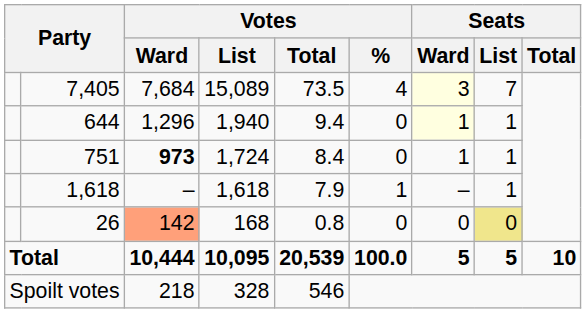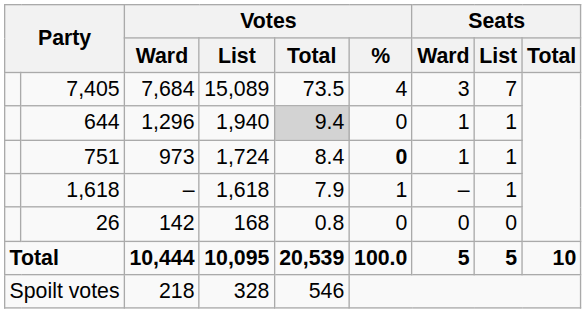 <table class=wikitable style="text-align:right">
 <tr>
 <th rowspan="2" colspan="2">Party</th>
 <th colspan="4" align="center">Votes</th>
 <th colspan="3" align="center">Seats</th>
 </tr>
 <tr>
 <th>Ward</th>
 <th>List</th>
 <th>Total</th>
 <th>%</th>
 <th>Ward</th>
 <th>List</th>
 <th>Total</th>
 </tr>
 <tr>
 <td></td>
 <td>7,405</td>
 <td>7,684</td>
 <td>15,089</td>
 <td>73.5</td>
 <td>4</td>
-<td style="background: lightyellow;">3</td>
+<td>3</td>
 <td>7</td>
 </tr>
 <tr>
 <td></td>
 <td>644</td>
 <td>1,296</td>
 <td>1,940</td>
-<td>9.4</td>
+<td style="background: lightgrey;">9.4</td>
 <td>0</td>
-<td style="background: lightyellow;">1</td>
+<td>1</td>
 <td>1</td>
 </tr>
 <tr>
 <td></td>
 <td>751</td>
-<td><strong>973</strong></td>
+<td>973</td>
 <td>1,724</td>
 <td>8.4</td>
-<td>0</td>
+<td><strong>0</strong></td>
 <td>1</td>
 <td>1</td>
 </tr>
 <tr>
 <td></td>
 <td>1,618</td>
 <td>–</td>
 <td>1,618</td>
 <td>7.9</td>
 <td>1</td>
 <td>–</td>
 <td>1</td>
 </tr>
 <tr>
 <td></td>
 <td>26</td>
-<td style="background: lightsalmon;">142</td>
+<td>142</td>
 <td>168</td>
 <td>0.8</td>
 <td>0</td>
 <td>0</td>
-<td style="background: khaki;">0</td>
+<td>0</td>
 </tr>
 <tr>
 <td colspan="2" style="text-align:left"><strong>Total</strong></td>
 <td><strong>10,444</strong></td>
 <td><strong>10,095</strong></td>
 <td><strong>20,539</strong></td>
 <td><strong>100.0</strong></td>
 <td><strong>5</strong></td>
 <td><strong>5</strong></td>
 <td><strong>10</strong></td>
 </tr>
 <tr>
 <td colspan="2" style="text-align:left">Spoilt votes</td>
 <td>218</td>
 <td>328</td>
 <td>546</td>
 </tr>
 </table>
